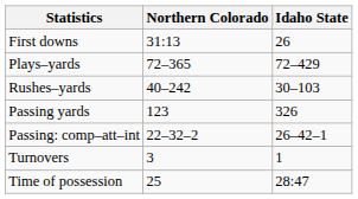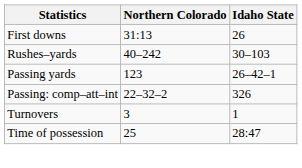 <table class="wikitable" style="float:left">
 <tr>
 <th>Statistics</th>
 <th>Northern Colorado</th>
 <th>Idaho State</th>
 </tr>
 <tr>
 <td>First downs</td>
 <td>31:13</td>
 <td>26</td>
 </tr>
 <tr>
-<td>Plays–yards</td>
-<td>72–365</td>
-<td>72–429</td>
-</tr>
-<tr>
 <td>Rushes–yards</td>
 <td>40–242</td>
 <td>30–103</td>
 </tr>
 <tr>
 <td>Passing yards</td>
 <td>123</td>
-<td>326</td>
+<td>26–42–1</td>
 </tr>
 <tr>
 <td>Passing: comp–att–int</td>
 <td>22–32–2</td>
-<td>26–42–1</td>
+<td>326</td>
 </tr>
 <tr>
 <td>Turnovers</td>
 <td>3</td>
 <td>1</td>
 </tr>
 <tr>
 <td>Time of possession</td>
 <td>25</td>
 <td>28:47</td>
 </tr>
 </table>
